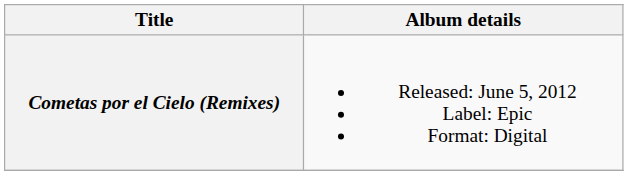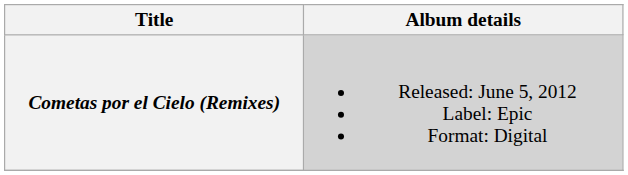 <table class="wikitable plainrowheaders" style="text-align:center;" border="1">
 <tr>
 <th scope="col" style="width:15em;">Title</th>
 <th scope="col" style="width:16em;">Album details</th>
 </tr>
 <tr>
 <th scope="row"><em>Cometas por el Cielo (Remixes)</em></th>
-<td><br><ul><li>Released: June 5, 2012</li><li>Label: Epic</li><li>Format: Digital</li></ul></td>
+<td style="background: lightgrey;"><br><ul><li>Released: June 5, 2012</li><li>Label: Epic</li><li>Format: Digital</li></ul></td>
 </tr>
 <tr>
 </tr>
 </table>
